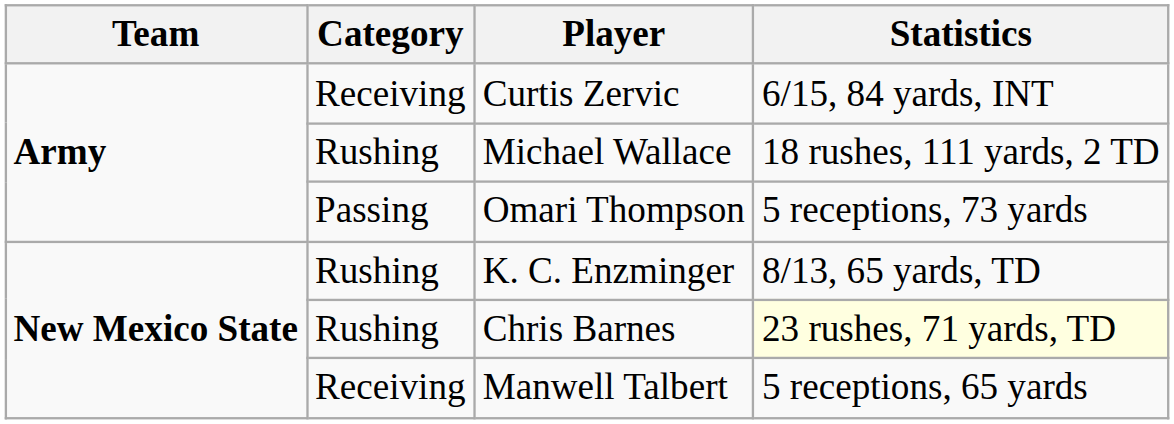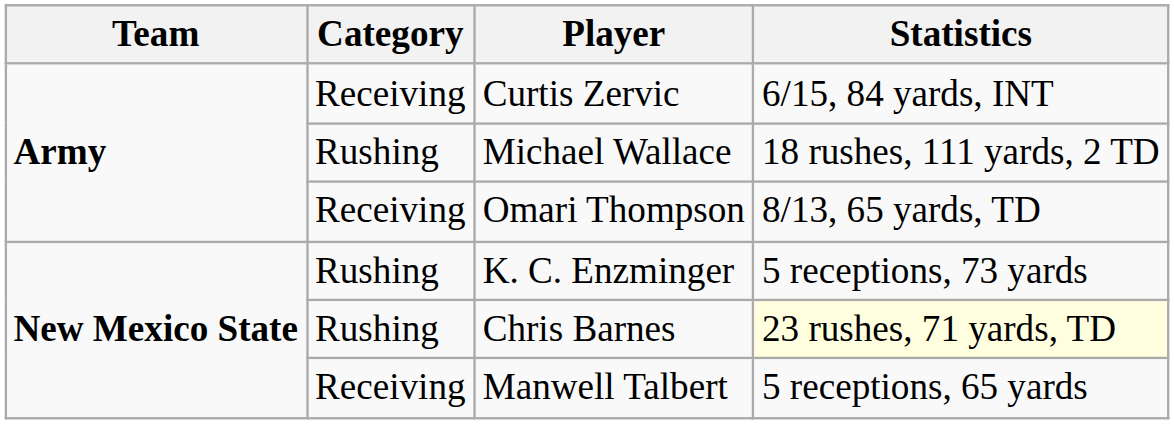 <table class="wikitable" style="float: right;">
 <tr>
 <th>Team</th>
 <th>Category</th>
 <th>Player</th>
 <th>Statistics</th>
 </tr>
 <tr>
 <td rowspan=3><strong>Army</strong></td>
 <td>Receiving</td>
 <td>Curtis Zervic</td>
 <td>6/15, 84 yards, INT</td>
 </tr>
 <tr>
 <td>Rushing</td>
 <td>Michael Wallace</td>
 <td>18 rushes, 111 yards, 2 TD</td>
 </tr>
 <tr>
-<td>Passing</td>
+<td>Receiving</td>
 <td>Omari Thompson</td>
-<td>5 receptions, 73 yards</td>
+<td>8/13, 65 yards, TD</td>
 </tr>
 <tr>
 <td rowspan=3><strong>New Mexico State</strong></td>
 <td>Rushing</td>
 <td>K. C. Enzminger</td>
-<td>8/13, 65 yards, TD</td>
+<td>5 receptions, 73 yards</td>
 </tr>
 <tr>
 <td>Rushing</td>
 <td>Chris Barnes</td>
 <td style="background: lightyellow;">23 rushes, 71 yards, TD</td>
 </tr>
 <tr>
 <td>Receiving</td>
 <td>Manwell Talbert</td>
 <td>5 receptions, 65 yards</td>
 </tr>
 </table>
